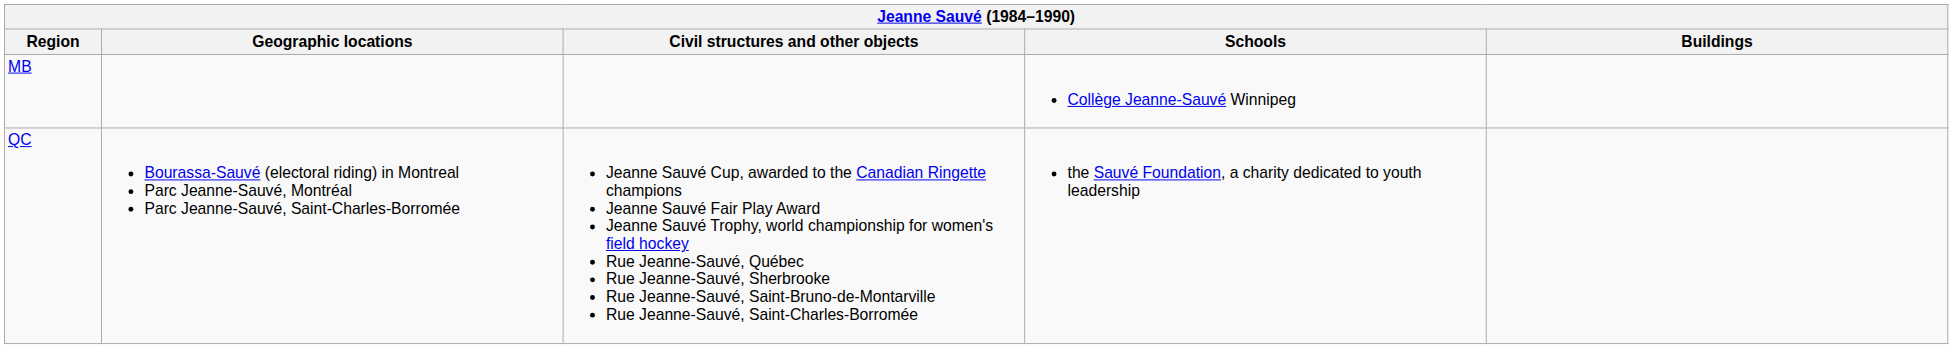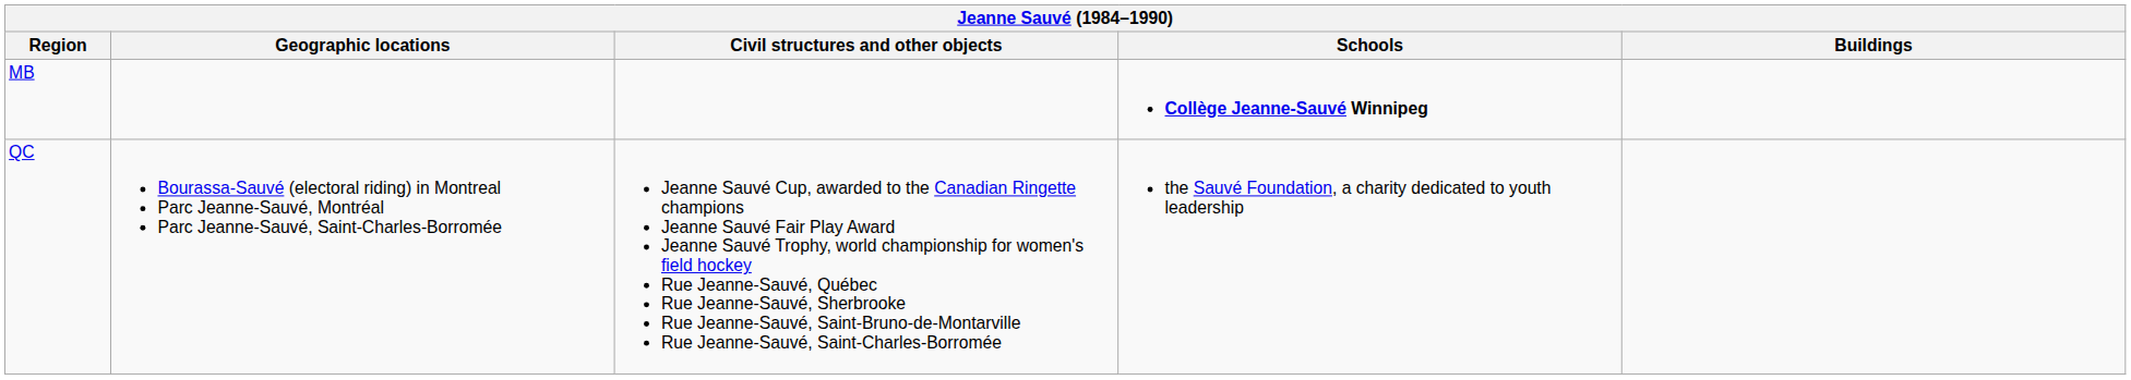 <table class="wikitable" width="100%">
 <tr>
 <th colspan="5"> <a href='#'>Jeanne Sauvé</a> (1984–1990)</th>
 </tr>
 <tr>
 <th width="5%">Region</th>
 <th width="23.75%">Geographic locations</th>
 <th width="23.75%">Civil structures and other objects</th>
 <th width="23.75%">Schools</th>
 <th width="23.75%">Buildings</th>
 </tr>
 <tr>
 <td align=left valign=top> <a href='#'>MB</a></td>
 <td></td>
 <td></td>
-<td align=left valign=top><br><ul><li><a href='#'>Collège Jeanne-Sauvé</a> Winnipeg</li></ul></td>
+<td align=left valign=top><strong><br><ul><li><a href='#'>Collège Jeanne-Sauvé</a> Winnipeg</li></ul></strong></td>
 <td></td>
 </tr>
 <tr>
 <td align=left valign=top> <a href='#'>QC</a></td>
 <td align=left valign=top><br><ul><li><a href='#'>Bourassa-Sauvé</a> (electoral riding) in Montreal</li><li>Parc Jeanne-Sauvé, Montréal</li><li>Parc Jeanne-Sauvé, Saint-Charles-Borromée</li></ul></td>
 <td align=left valign=top><br><ul><li>Jeanne Sauvé Cup, awarded to the <a href='#'>Canadian Ringette</a> champions</li><li>Jeanne Sauvé Fair Play Award</li><li>Jeanne Sauvé Trophy, world championship for women's <a href='#'>field hockey</a></li><li>Rue Jeanne-Sauvé, Québec</li><li>Rue Jeanne-Sauvé, Sherbrooke</li><li>Rue Jeanne-Sauvé, Saint-Bruno-de-Montarville</li><li>Rue Jeanne-Sauvé, Saint-Charles-Borromée</li></ul></td>
 <td align=left valign=top><br><ul><li>the <a href='#'>Sauvé Foundation</a>, a charity dedicated to youth leadership</li></ul></td>
 <td></td>
 </tr>
 </table>
